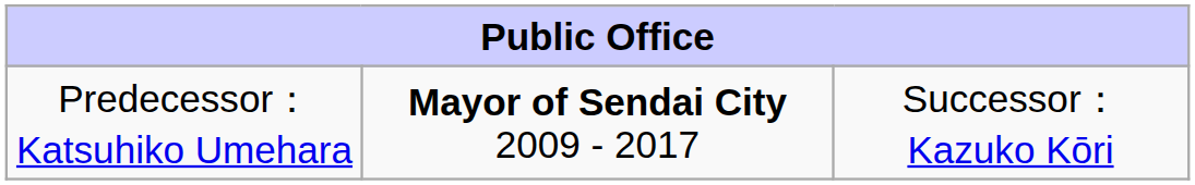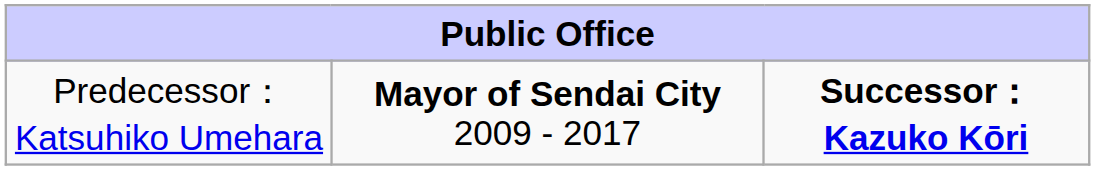 <table class="wikitable succession-box" id="208" style="margin:0.5em auto; font-size:95%;clear:both;">
 <tr>
 <th colspan="3" id="211" style="background-color: #ccccff;">Public Office</th>
 </tr>
 <tr style="text-align:center">
 <td style="width:30%">Predecessor：<br><a href='#'>Katsuhiko Umehara</a><br></td>
 <td style="text-align:center; width:40%"><strong>Mayor of Sendai City</strong><br>2009 - 2017</td>
-<td style="width:30%; text-align:center">Successor：<br><a href='#'>Kazuko Kōri</a></td>
+<td style="width:30%; text-align:center"><strong>Successor：<br><a href='#'>Kazuko Kōri</a></strong></td>
 </tr>
 </table>
